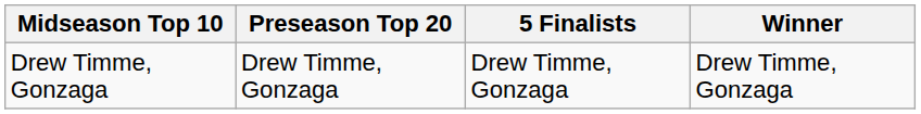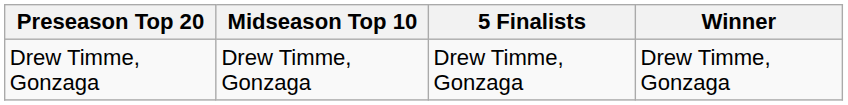 <table class="wikitable">
 <tr>
+<th>Preseason Top 20</th>
 <th>Midseason Top 10</th>
-<th>Preseason Top 20</th>
 <th>5 Finalists</th>
 <th>Winner</th>
 </tr>
 <tr>
 <td>Drew Timme, Gonzaga</td>
 <td>Drew Timme, Gonzaga</td>
 <td>Drew Timme, Gonzaga</td>
 <td>Drew Timme, Gonzaga</td>
 </tr>
 </table>
